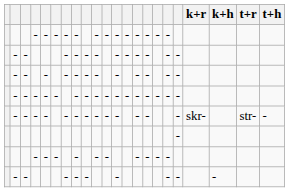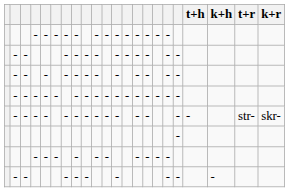 <table class="wikitable">
 <tr>
 <th></th>
 <th></th>
 <th></th>
 <th></th>
 <th></th>
 <th></th>
 <th></th>
 <th></th>
 <th></th>
 <th></th>
 <th></th>
 <th></th>
 <th></th>
 <th></th>
 <th></th>
 <th></th>
 <th></th>
 <th></th>
-<th>k+r</th>
+<th>t+h</th>
 <th>k+h</th>
 <th>t+r</th>
-<th>t+h</th>
+<th>k+r</th>
 </tr>
 <tr>
 <th></th>
 <td></td>
 <td></td>
 <td>-</td>
 <td>-</td>
 <td>-</td>
 <td>-</td>
 <td>-</td>
 <td></td>
 <td>-</td>
 <td>-</td>
 <td>-</td>
 <td>-</td>
 <td>-</td>
 <td>-</td>
 <td>-</td>
 <td>-</td>
 <td></td>
 <td></td>
 <td></td>
 <td></td>
 <td></td>
 </tr>
 <tr>
 <th></th>
 <td>-</td>
 <td>-</td>
 <td></td>
 <td></td>
 <td></td>
 <td>-</td>
 <td>-</td>
 <td>-</td>
 <td>-</td>
 <td></td>
 <td>-</td>
 <td>-</td>
 <td>-</td>
 <td>-</td>
 <td></td>
 <td>-</td>
 <td>-</td>
 <td></td>
 <td></td>
 <td></td>
 <td></td>
 </tr>
 <tr>
 <th></th>
 <td>-</td>
 <td>-</td>
 <td></td>
 <td>-</td>
 <td></td>
 <td>-</td>
 <td>-</td>
 <td>-</td>
 <td>-</td>
 <td></td>
 <td>-</td>
 <td></td>
 <td>-</td>
 <td>-</td>
 <td></td>
 <td>-</td>
 <td>-</td>
 <td></td>
 <td></td>
 <td></td>
 <td></td>
 </tr>
 <tr>
 <th></th>
 <td>-</td>
 <td>-</td>
 <td>-</td>
 <td>-</td>
 <td>-</td>
 <td></td>
 <td>-</td>
 <td>-</td>
 <td>-</td>
 <td>-</td>
 <td>-</td>
 <td>-</td>
 <td>-</td>
 <td>-</td>
 <td>-</td>
 <td>-</td>
 <td>-</td>
 <td></td>
 <td></td>
 <td></td>
 <td></td>
 </tr>
 <tr>
 <th></th>
 <td>-</td>
 <td>-</td>
 <td>-</td>
 <td>-</td>
 <td></td>
 <td>-</td>
 <td>-</td>
 <td>-</td>
 <td>-</td>
 <td>-</td>
 <td>-</td>
 <td></td>
 <td>-</td>
 <td>-</td>
 <td></td>
 <td></td>
 <td>-</td>
-<td>skr-</td>
+<td>-</td>
 <td></td>
 <td>str-</td>
-<td>-</td>
+<td>skr-</td>
 </tr>
 <tr>
 <th></th>
 <td></td>
 <td></td>
 <td></td>
 <td></td>
 <td></td>
 <td></td>
 <td></td>
 <td></td>
 <td></td>
 <td></td>
 <td></td>
 <td></td>
 <td></td>
 <td></td>
 <td></td>
 <td></td>
 <td>-</td>
 <td></td>
 <td></td>
 <td></td>
 <td></td>
 </tr>
 <tr>
 <th></th>
 <td></td>
 <td></td>
 <td>-</td>
 <td>-</td>
 <td>-</td>
 <td></td>
 <td>-</td>
 <td></td>
 <td>-</td>
 <td>-</td>
 <td></td>
 <td></td>
 <td>-</td>
 <td>-</td>
 <td>-</td>
 <td>-</td>
 <td></td>
 <td></td>
 <td></td>
 <td></td>
 <td></td>
 </tr>
 <tr>
 <th></th>
 <td>-</td>
 <td>-</td>
 <td></td>
 <td></td>
 <td></td>
 <td>-</td>
 <td>-</td>
 <td>-</td>
 <td></td>
 <td></td>
 <td>-</td>
 <td></td>
 <td></td>
 <td></td>
 <td></td>
 <td>-</td>
 <td>-</td>
 <td></td>
 <td>-</td>
 <td></td>
 <td></td>
 </tr>
 </table>
